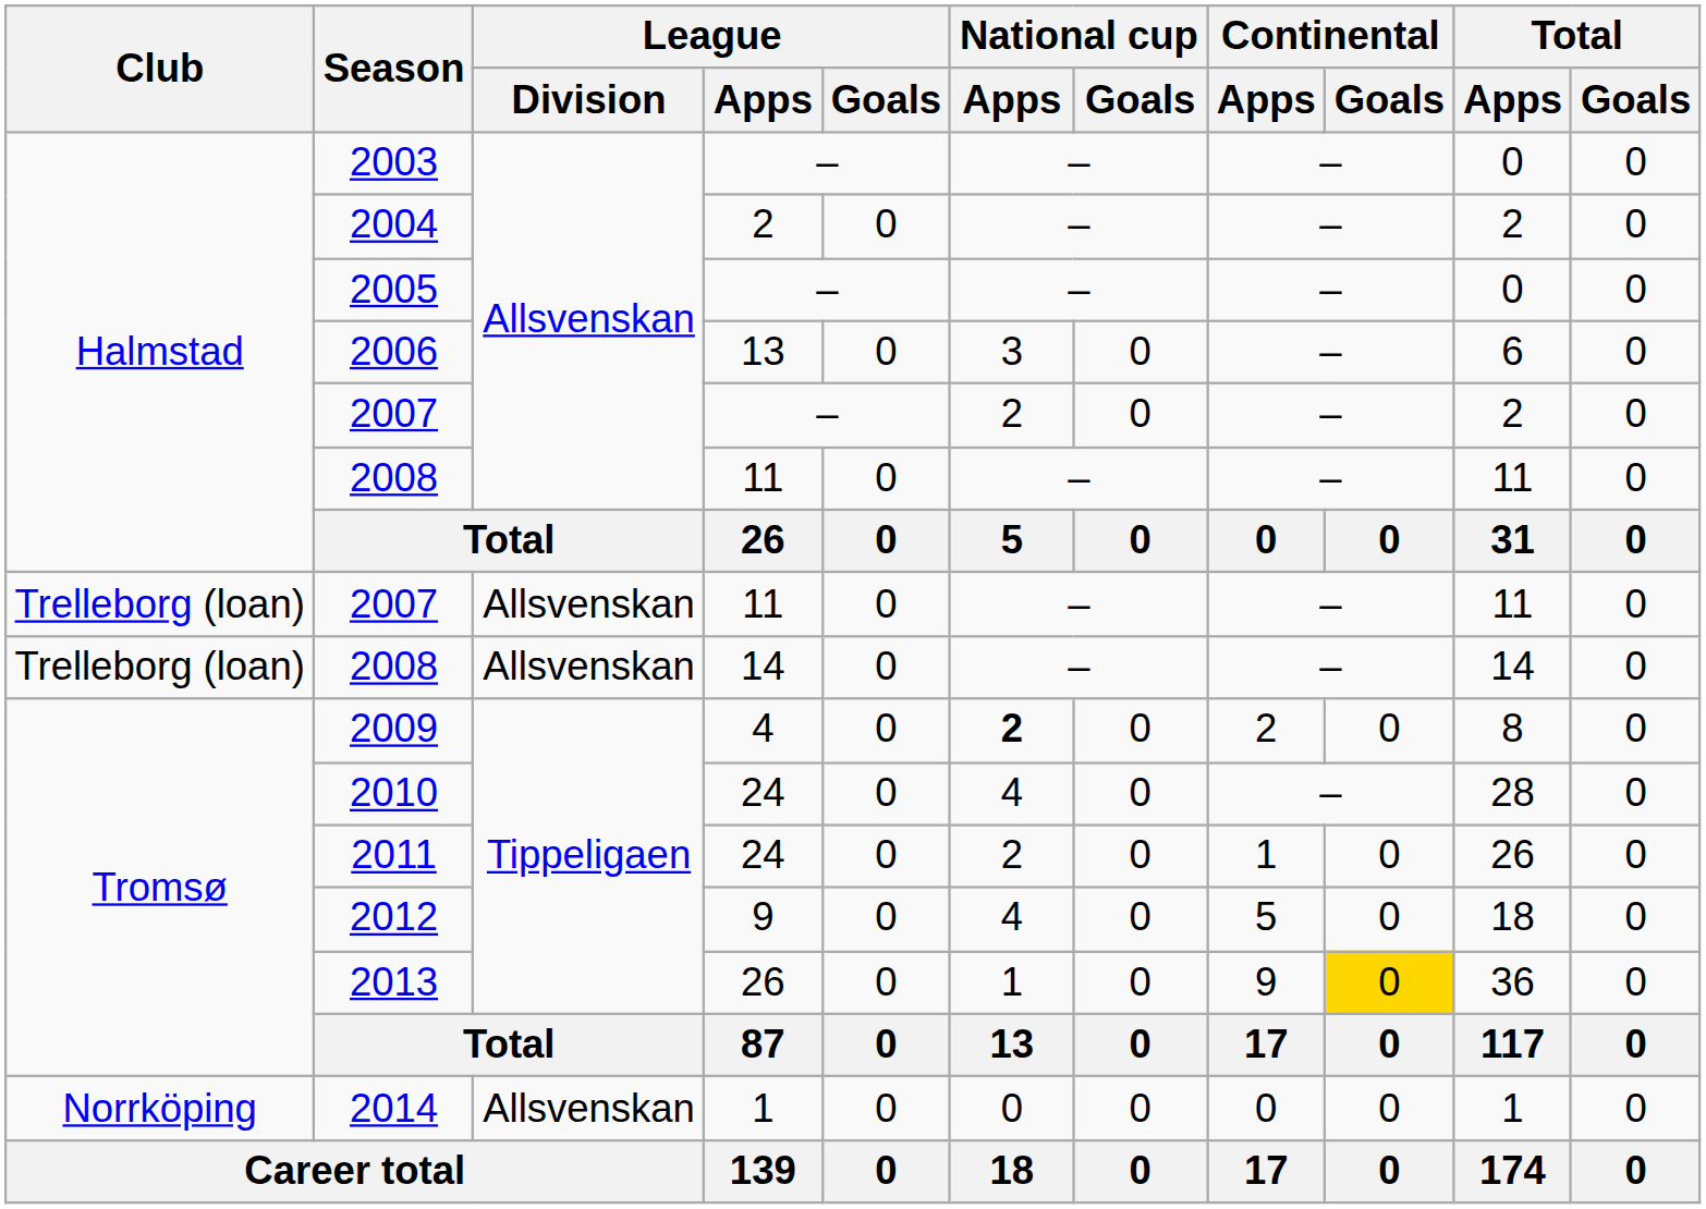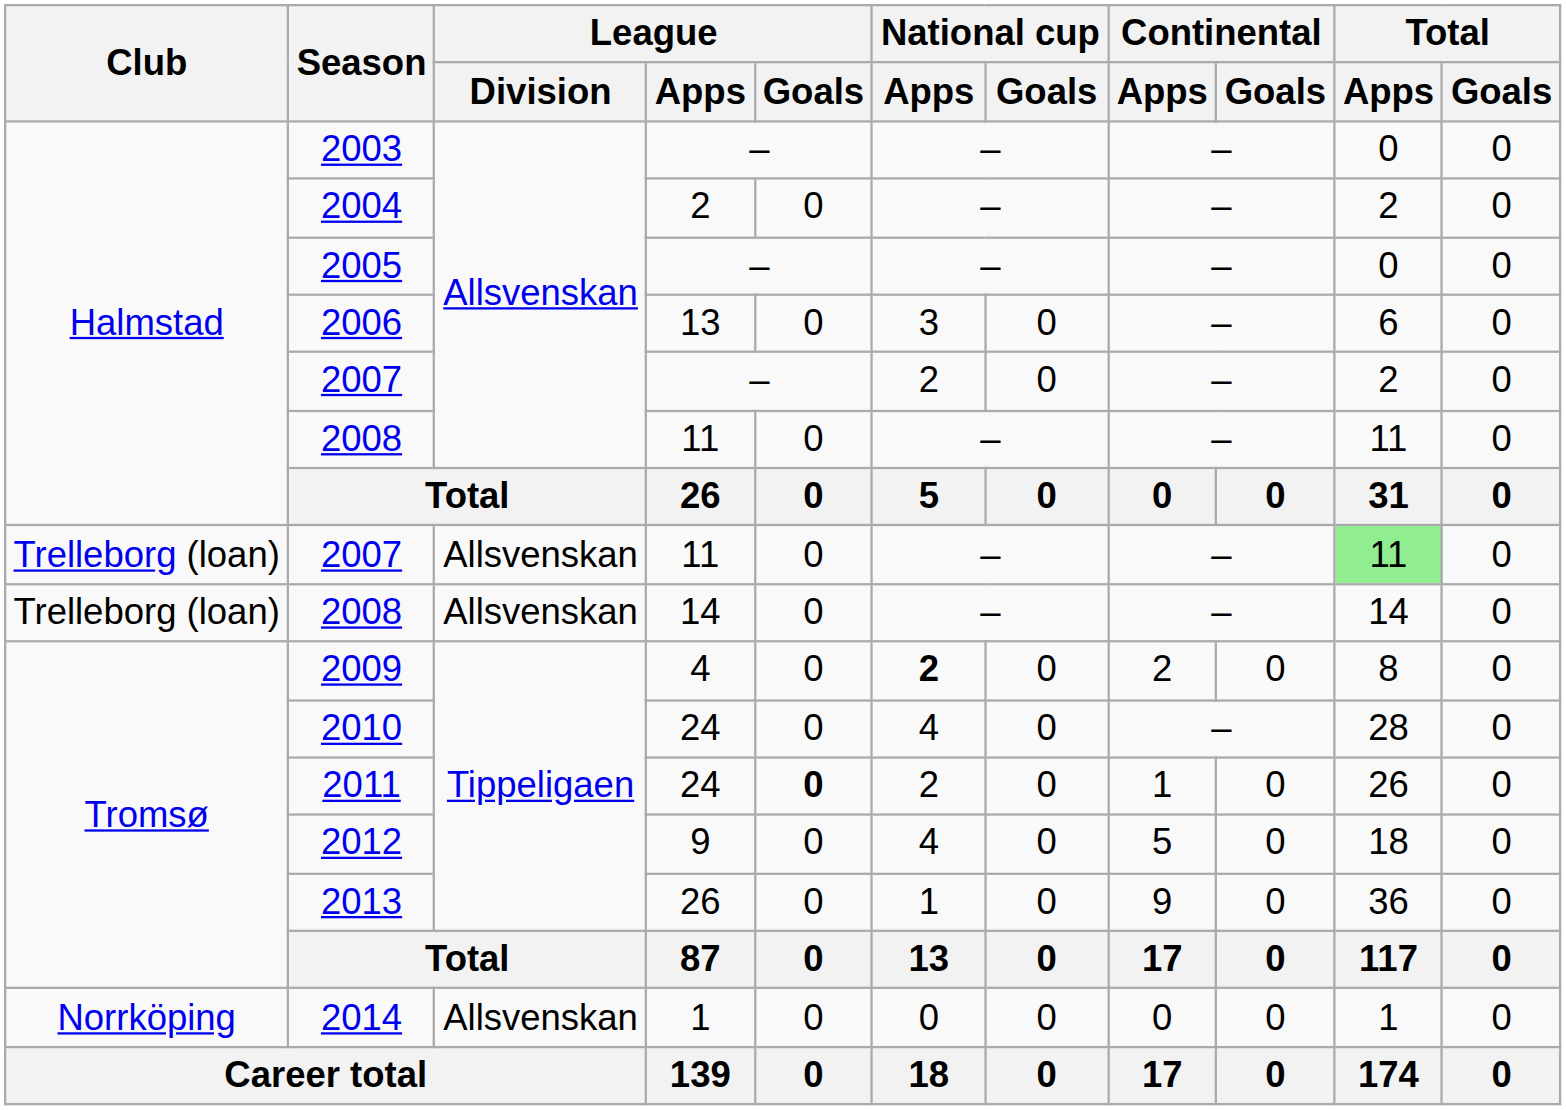 <table class="wikitable" style="text-align:center">
 <tr>
 <th rowspan="2">Club</th>
 <th rowspan="2">Season</th>
 <th colspan="3">League</th>
 <th colspan="2">National cup</th>
 <th colspan="2">Continental</th>
 <th colspan="2">Total</th>
 </tr>
 <tr>
 <th>Division</th>
 <th>Apps</th>
 <th>Goals</th>
 <th>Apps</th>
 <th>Goals</th>
 <th>Apps</th>
 <th>Goals</th>
 <th>Apps</th>
 <th>Goals</th>
 </tr>
 <tr>
 <td rowspan="7"><a href='#'>Halmstad</a></td>
 <td><a href='#'>2003</a></td>
 <td rowspan="6"><a href='#'>Allsvenskan</a></td>
 <td colspan="2">–</td>
 <td colspan="2">–</td>
 <td colspan="2">–</td>
 <td>0</td>
 <td>0</td>
 </tr>
 <tr>
 <td><a href='#'>2004</a></td>
 <td>2</td>
 <td>0</td>
 <td colspan="2">–</td>
 <td colspan="2">–</td>
 <td>2</td>
 <td>0</td>
 </tr>
 <tr>
 <td><a href='#'>2005</a></td>
 <td colspan="2">–</td>
 <td colspan="2">–</td>
 <td colspan="2">–</td>
 <td>0</td>
 <td>0</td>
 </tr>
 <tr>
 <td><a href='#'>2006</a></td>
 <td>13</td>
 <td>0</td>
 <td>3</td>
 <td>0</td>
 <td colspan="2">–</td>
 <td>6</td>
 <td>0</td>
 </tr>
 <tr>
 <td><a href='#'>2007</a></td>
 <td colspan="2">–</td>
 <td>2</td>
 <td>0</td>
 <td colspan="2">–</td>
 <td>2</td>
 <td>0</td>
 </tr>
 <tr>
 <td><a href='#'>2008</a></td>
 <td>11</td>
 <td>0</td>
 <td colspan="2">–</td>
 <td colspan="2">–</td>
 <td>11</td>
 <td>0</td>
 </tr>
 <tr>
 <th colspan="2">Total</th>
 <th>26</th>
 <th>0</th>
 <th>5</th>
 <th>0</th>
 <th>0</th>
 <th>0</th>
 <th>31</th>
 <th>0</th>
 </tr>
 <tr>
 <td><a href='#'>Trelleborg</a> (loan)</td>
 <td><a href='#'>2007</a></td>
 <td>Allsvenskan</td>
 <td>11</td>
 <td>0</td>
 <td colspan="2">–</td>
 <td colspan="2">–</td>
-<td>11</td>
+<td style="background: lightgreen;">11</td>
 <td>0</td>
 </tr>
 <tr>
 <td>Trelleborg (loan)</td>
 <td><a href='#'>2008</a></td>
 <td>Allsvenskan</td>
 <td>14</td>
 <td>0</td>
 <td colspan="2">–</td>
 <td colspan="2">–</td>
 <td>14</td>
 <td>0</td>
 </tr>
 <tr>
 <td rowspan="6"><a href='#'>Tromsø</a></td>
 <td><a href='#'>2009</a></td>
 <td rowspan="5"><a href='#'>Tippeligaen</a></td>
 <td>4</td>
 <td>0</td>
 <td><strong>2</strong></td>
 <td>0</td>
 <td>2</td>
 <td>0</td>
 <td>8</td>
 <td>0</td>
 </tr>
 <tr>
 <td><a href='#'>2010</a></td>
 <td>24</td>
 <td>0</td>
 <td>4</td>
 <td>0</td>
 <td colspan="2">–</td>
 <td>28</td>
 <td>0</td>
 </tr>
 <tr>
 <td><a href='#'>2011</a></td>
 <td>24</td>
-<td>0</td>
+<td><strong>0</strong></td>
 <td>2</td>
 <td>0</td>
 <td>1</td>
 <td>0</td>
 <td>26</td>
 <td>0</td>
 </tr>
 <tr>
 <td><a href='#'>2012</a></td>
 <td>9</td>
 <td>0</td>
 <td>4</td>
 <td>0</td>
 <td>5</td>
 <td>0</td>
 <td>18</td>
 <td>0</td>
 </tr>
 <tr>
 <td><a href='#'>2013</a></td>
 <td>26</td>
 <td>0</td>
 <td>1</td>
 <td>0</td>
 <td>9</td>
-<td style="background: gold;">0</td>
+<td>0</td>
 <td>36</td>
 <td>0</td>
 </tr>
 <tr>
 <th colspan="2">Total</th>
 <th>87</th>
 <th>0</th>
 <th>13</th>
 <th>0</th>
 <th>17</th>
 <th>0</th>
 <th>117</th>
 <th>0</th>
 </tr>
 <tr>
 <td><a href='#'>Norrköping</a></td>
 <td><a href='#'>2014</a></td>
 <td>Allsvenskan</td>
 <td>1</td>
 <td>0</td>
 <td>0</td>
 <td>0</td>
 <td>0</td>
 <td>0</td>
 <td>1</td>
 <td>0</td>
 </tr>
 <tr>
 <th colspan="3">Career total</th>
 <th>139</th>
 <th>0</th>
 <th>18</th>
 <th>0</th>
 <th>17</th>
 <th>0</th>
 <th>174</th>
 <th>0</th>
 </tr>
 </table>
